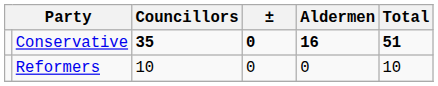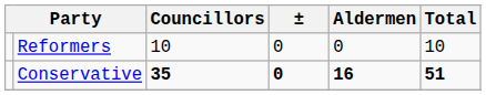 <table class="wikitable">
 <tr>
 <th colspan="2">Party</th>
 <th>Councillors</th>
 <th>  ±  </th>
 <th>Aldermen</th>
 <th>Total</th>
 </tr>
 <tr>
 <td style="background-color: "></td>
+<td><a href='#'>Reformers</a></td>
+<td>10</td>
+<td>0</td>
+<td>0</td>
+<td>10</td>
+</tr>
+<tr>
+<td style="background-color: "></td>
 <td><a href='#'>Conservative</a></td>
 <td><strong>35</strong></td>
 <td><strong>0</strong></td>
 <td><strong>16</strong></td>
 <td><strong>51</strong></td>
 </tr>
 <tr>
-<td style="background-color: "></td>
-<td><a href='#'>Reformers</a></td>
-<td>10</td>
-<td>0</td>
-<td>0</td>
-<td>10</td>
-</tr>
-<tr>
 </tr>
 </table>
